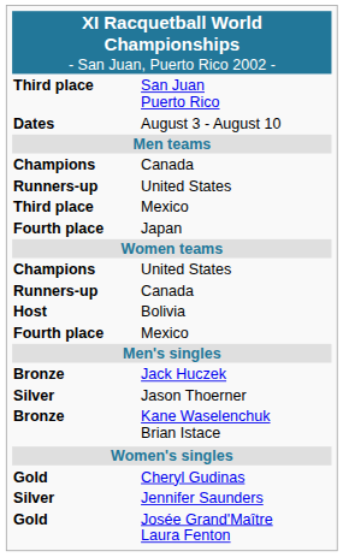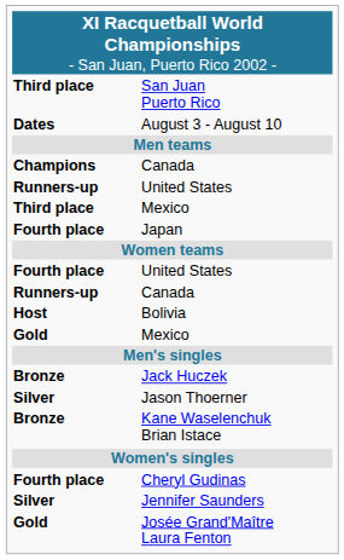 <table class="infobox" style="font-size: 90%; width: 22em;">
 <tr>
 <td colspan="2" style="background: #227799; text-align: center; color:#ffffff;"><big><strong>XI Racquetball World Championships</strong></big><br>- San Juan, Puerto Rico 2002 -</td>
 </tr>
 <tr style="vertical-align:top;">
 <td><strong>Third place</strong> </td>
 <td><a href='#'>San Juan</a> <br> <a href='#'>Puerto Rico</a></td>
 </tr>
 <tr style="vertical-align:top;">
 <td><strong>Dates</strong></td>
 <td>August 3 - August 10</td>
 </tr>
 <tr style="vertical-align:top;">
 <td colspan="2" style="background: #dfdfdf; text-align: center; color:#227799;"><strong>Men teams</strong></td>
 </tr>
 <tr style="vertical-align:top;">
 <td><strong>Champions</strong> </td>
 <td> Canada</td>
 </tr>
 <tr>
 <td><strong>Runners-up</strong> </td>
 <td> United States</td>
 </tr>
 <tr>
 <td><strong>Third place</strong> </td>
 <td> Mexico</td>
 </tr>
 <tr>
 <td><strong>Fourth place</strong></td>
 <td> Japan</td>
 </tr>
 <tr style="vertical-align:top;">
 <td colspan="2" style="background: #dfdfdf; text-align: center; color:#227799;"><strong>Women teams</strong></td>
 </tr>
 <tr style="vertical-align:top;">
-<td><strong>Champions</strong> </td>
+<td><strong>Fourth place</strong></td>
 <td> United States</td>
 </tr>
 <tr>
 <td><strong>Runners-up</strong> </td>
 <td> Canada</td>
 </tr>
 <tr>
 <td><strong>Host</strong></td>
 <td> Bolivia</td>
 </tr>
 <tr>
-<td><strong>Fourth place</strong></td>
+<td><strong>Gold</strong> </td>
 <td> Mexico</td>
 </tr>
 <tr style="vertical-align:top;">
 <td colspan="2" style="background: #dfdfdf; text-align: center; color:#227799;"><strong>Men's singles</strong></td>
 </tr>
 <tr style="vertical-align:top;">
 <td><strong>Bronze</strong> </td>
 <td>  <a href='#'>Jack Huczek</a></td>
 </tr>
 <tr>
 <td><strong>Silver</strong> </td>
 <td>  Jason Thoerner</td>
 </tr>
 <tr>
 <td><strong>Bronze</strong> </td>
 <td>  <a href='#'>Kane Waselenchuk</a><br>  Brian Istace</td>
 </tr>
 <tr style="vertical-align:top;">
 </tr>
 <tr style="vertical-align:top;">
 <td colspan="2" style="background: #dfdfdf; text-align: center; color:#227799;"><strong>Women's singles</strong></td>
 </tr>
 <tr style="vertical-align:top;">
-<td><strong>Gold</strong> </td>
+<td><strong>Fourth place</strong></td>
 <td>  <a href='#'>Cheryl Gudinas</a></td>
 </tr>
 <tr>
 <td><strong>Silver</strong> </td>
 <td>  <a href='#'>Jennifer Saunders</a></td>
 </tr>
 <tr>
 <td><strong>Gold</strong> </td>
 <td>  <a href='#'>Josée Grand'Maître</a><br>  <a href='#'>Laura Fenton</a></td>
 </tr>
 </table>
